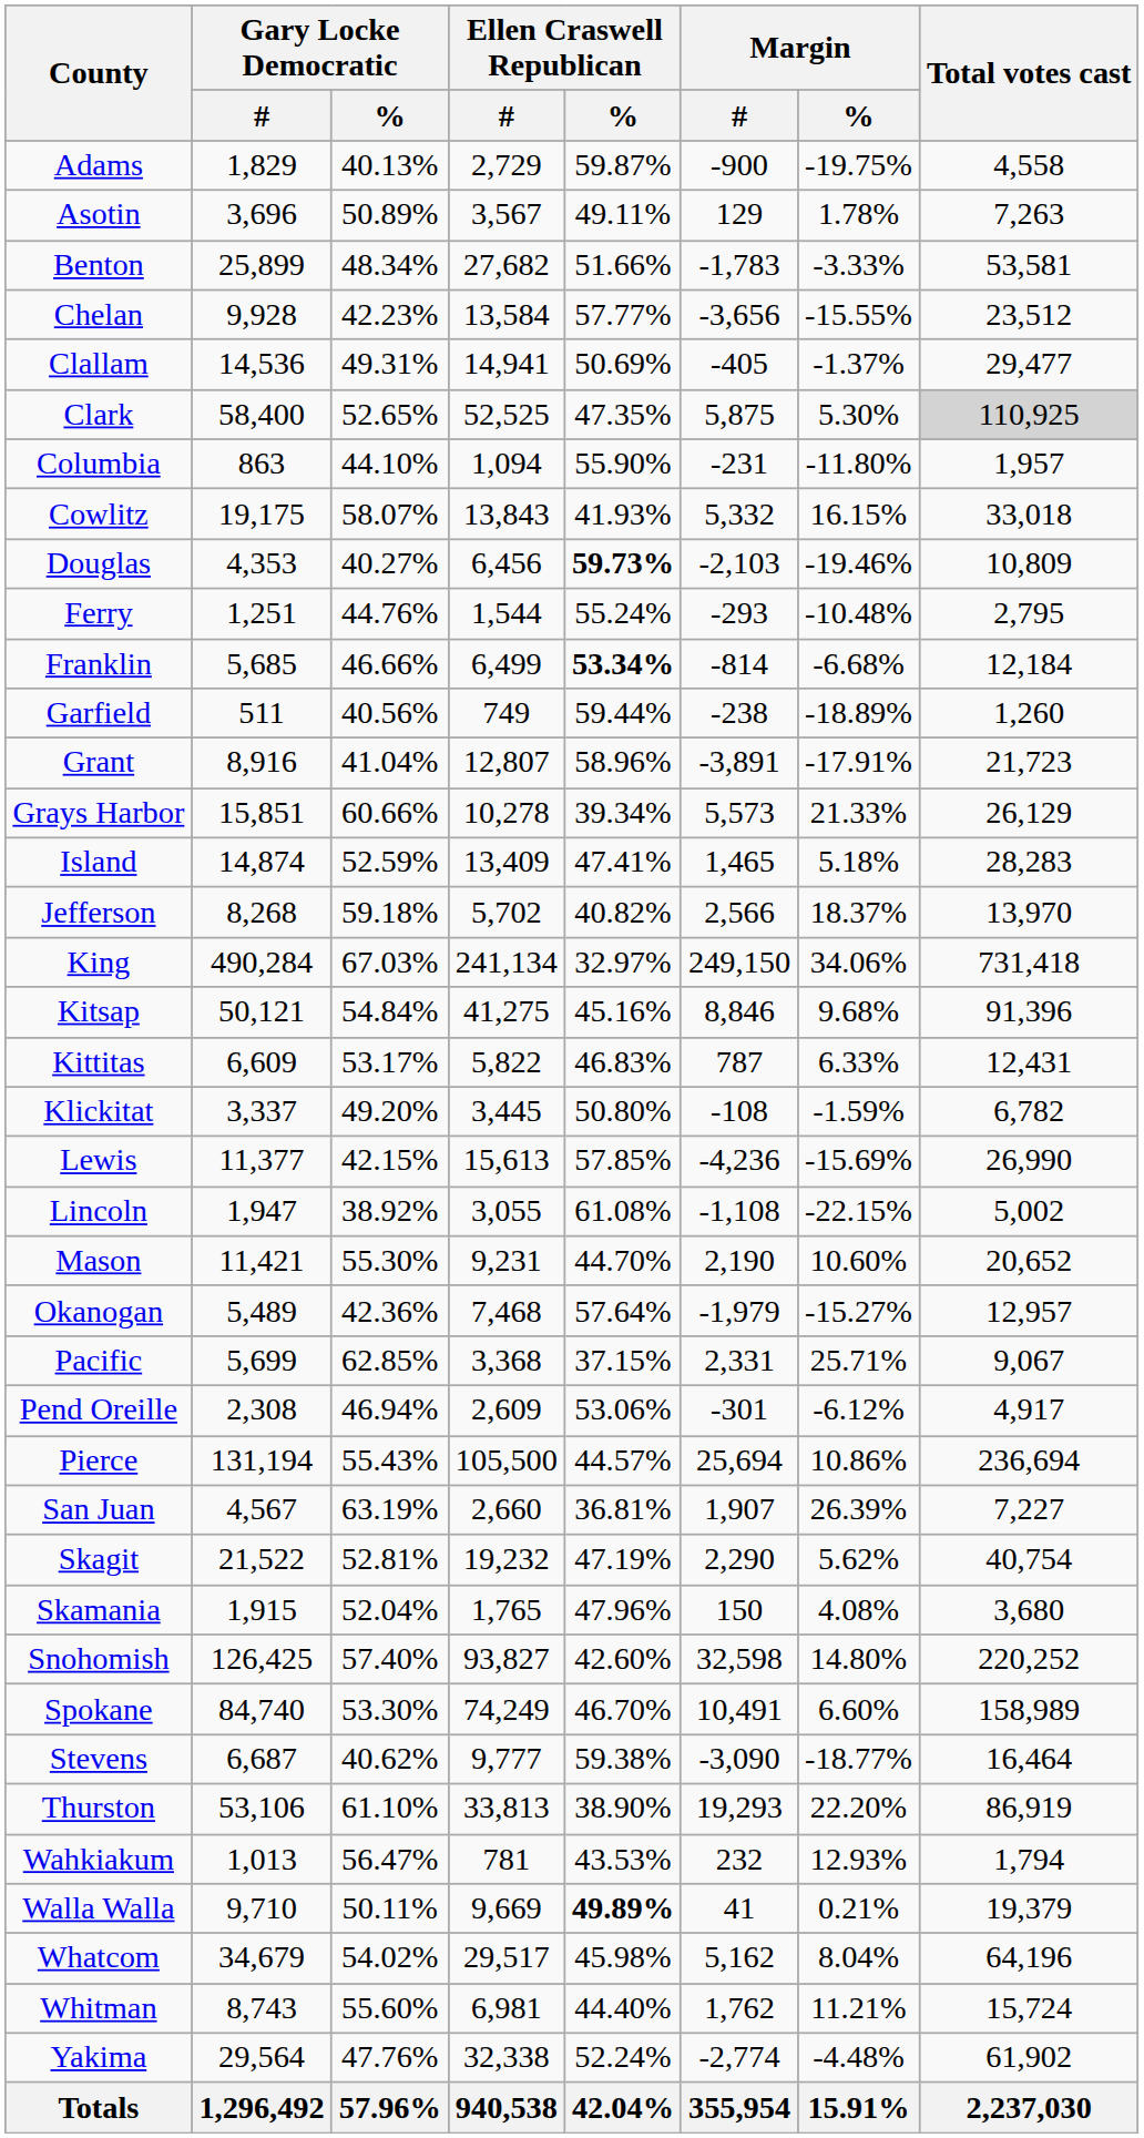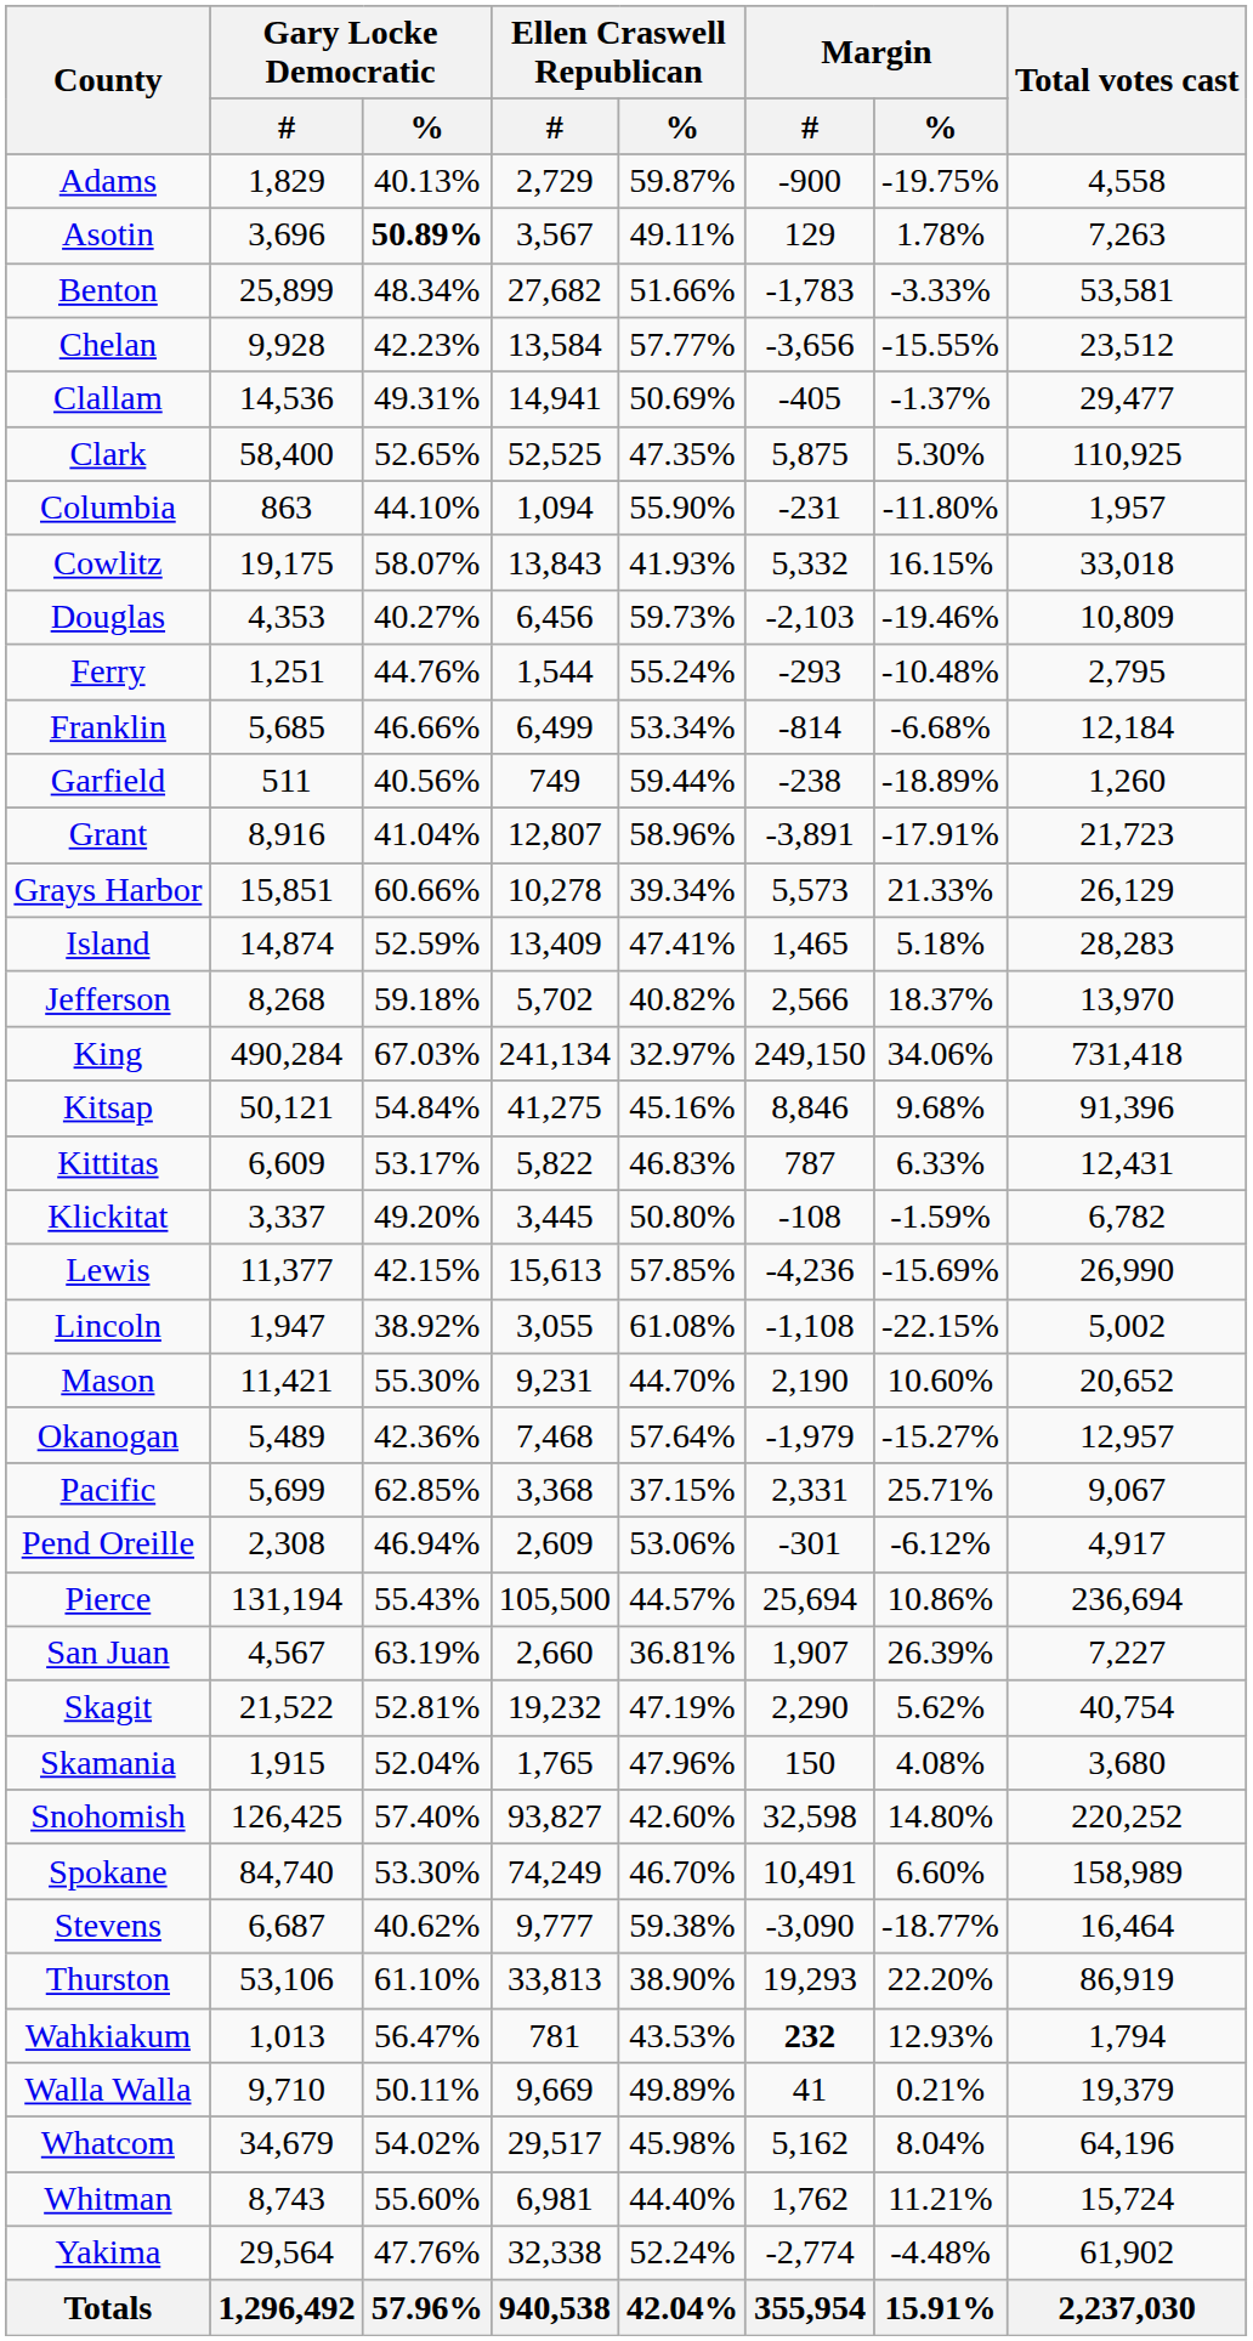 <table class="wikitable sortable">
 <tr>
 <th style="text-align:center;" rowspan="2">County</th>
 <th style="text-align:center;" colspan="2">Gary Locke<br>Democratic</th>
 <th style="text-align:center;" colspan="2">Ellen Craswell<br>Republican</th>
 <th style="text-align:center;" colspan="2">Margin</th>
 <th style="text-align:center;" rowspan="2">Total votes cast</th>
 </tr>
 <tr bgcolor="lightgrey">
 <th style="text-align:center;" data-sort-type="number">#</th>
 <th style="text-align:center;" data-sort-type="number">%</th>
 <th style="text-align:center;" data-sort-type="number">#</th>
 <th style="text-align:center;" data-sort-type="number">%</th>
 <th style="text-align:center;" data-sort-type="number">#</th>
 <th style="text-align:center;" data-sort-type="number">%</th>
 </tr>
 <tr style="text-align:center;">
 <td><a href='#'>Adams</a></td>
 <td>1,829</td>
 <td>40.13%</td>
 <td>2,729</td>
 <td>59.87%</td>
 <td>-900</td>
 <td>-19.75%</td>
 <td>4,558</td>
 </tr>
 <tr style="text-align:center;">
 <td><a href='#'>Asotin</a></td>
 <td>3,696</td>
-<td>50.89%</td>
+<td><strong>50.89%</strong></td>
 <td>3,567</td>
 <td>49.11%</td>
 <td>129</td>
 <td>1.78%</td>
 <td>7,263</td>
 </tr>
 <tr style="text-align:center;">
 <td><a href='#'>Benton</a></td>
 <td>25,899</td>
 <td>48.34%</td>
 <td>27,682</td>
 <td>51.66%</td>
 <td>-1,783</td>
 <td>-3.33%</td>
 <td>53,581</td>
 </tr>
 <tr style="text-align:center;">
 <td><a href='#'>Chelan</a></td>
 <td>9,928</td>
 <td>42.23%</td>
 <td>13,584</td>
 <td>57.77%</td>
 <td>-3,656</td>
 <td>-15.55%</td>
 <td>23,512</td>
 </tr>
 <tr style="text-align:center;">
 <td><a href='#'>Clallam</a></td>
 <td>14,536</td>
 <td>49.31%</td>
 <td>14,941</td>
 <td>50.69%</td>
 <td>-405</td>
 <td>-1.37%</td>
 <td>29,477</td>
 </tr>
 <tr style="text-align:center;">
 <td><a href='#'>Clark</a></td>
 <td>58,400</td>
 <td>52.65%</td>
 <td>52,525</td>
 <td>47.35%</td>
 <td>5,875</td>
 <td>5.30%</td>
-<td style="background: lightgrey;">110,925</td>
+<td>110,925</td>
 </tr>
 <tr style="text-align:center;">
 <td><a href='#'>Columbia</a></td>
 <td>863</td>
 <td>44.10%</td>
 <td>1,094</td>
 <td>55.90%</td>
 <td>-231</td>
 <td>-11.80%</td>
 <td>1,957</td>
 </tr>
 <tr style="text-align:center;">
 <td><a href='#'>Cowlitz</a></td>
 <td>19,175</td>
 <td>58.07%</td>
 <td>13,843</td>
 <td>41.93%</td>
 <td>5,332</td>
 <td>16.15%</td>
 <td>33,018</td>
 </tr>
 <tr style="text-align:center;">
 <td><a href='#'>Douglas</a></td>
 <td>4,353</td>
 <td>40.27%</td>
 <td>6,456</td>
-<td><strong>59.73%</strong></td>
+<td>59.73%</td>
 <td>-2,103</td>
 <td>-19.46%</td>
 <td>10,809</td>
 </tr>
 <tr style="text-align:center;">
 <td><a href='#'>Ferry</a></td>
 <td>1,251</td>
 <td>44.76%</td>
 <td>1,544</td>
 <td>55.24%</td>
 <td>-293</td>
 <td>-10.48%</td>
 <td>2,795</td>
 </tr>
 <tr style="text-align:center;">
 <td><a href='#'>Franklin</a></td>
 <td>5,685</td>
 <td>46.66%</td>
 <td>6,499</td>
-<td><strong>53.34%</strong></td>
+<td>53.34%</td>
 <td>-814</td>
 <td>-6.68%</td>
 <td>12,184</td>
 </tr>
 <tr style="text-align:center;">
 <td><a href='#'>Garfield</a></td>
 <td>511</td>
 <td>40.56%</td>
 <td>749</td>
 <td>59.44%</td>
 <td>-238</td>
 <td>-18.89%</td>
 <td>1,260</td>
 </tr>
 <tr style="text-align:center;">
 <td><a href='#'>Grant</a></td>
 <td>8,916</td>
 <td>41.04%</td>
 <td>12,807</td>
 <td>58.96%</td>
 <td>-3,891</td>
 <td>-17.91%</td>
 <td>21,723</td>
 </tr>
 <tr style="text-align:center;">
 <td><a href='#'>Grays Harbor</a></td>
 <td>15,851</td>
 <td>60.66%</td>
 <td>10,278</td>
 <td>39.34%</td>
 <td>5,573</td>
 <td>21.33%</td>
 <td>26,129</td>
 </tr>
 <tr style="text-align:center;">
 <td><a href='#'>Island</a></td>
 <td>14,874</td>
 <td>52.59%</td>
 <td>13,409</td>
 <td>47.41%</td>
 <td>1,465</td>
 <td>5.18%</td>
 <td>28,283</td>
 </tr>
 <tr style="text-align:center;">
 <td><a href='#'>Jefferson</a></td>
 <td>8,268</td>
 <td>59.18%</td>
 <td>5,702</td>
 <td>40.82%</td>
 <td>2,566</td>
 <td>18.37%</td>
 <td>13,970</td>
 </tr>
 <tr style="text-align:center;">
 <td><a href='#'>King</a></td>
 <td>490,284</td>
 <td>67.03%</td>
 <td>241,134</td>
 <td>32.97%</td>
 <td>249,150</td>
 <td>34.06%</td>
 <td>731,418</td>
 </tr>
 <tr style="text-align:center;">
 <td><a href='#'>Kitsap</a></td>
 <td>50,121</td>
 <td>54.84%</td>
 <td>41,275</td>
 <td>45.16%</td>
 <td>8,846</td>
 <td>9.68%</td>
 <td>91,396</td>
 </tr>
 <tr style="text-align:center;">
 <td><a href='#'>Kittitas</a></td>
 <td>6,609</td>
 <td>53.17%</td>
 <td>5,822</td>
 <td>46.83%</td>
 <td>787</td>
 <td>6.33%</td>
 <td>12,431</td>
 </tr>
 <tr style="text-align:center;">
 <td><a href='#'>Klickitat</a></td>
 <td>3,337</td>
 <td>49.20%</td>
 <td>3,445</td>
 <td>50.80%</td>
 <td>-108</td>
 <td>-1.59%</td>
 <td>6,782</td>
 </tr>
 <tr style="text-align:center;">
 <td><a href='#'>Lewis</a></td>
 <td>11,377</td>
 <td>42.15%</td>
 <td>15,613</td>
 <td>57.85%</td>
 <td>-4,236</td>
 <td>-15.69%</td>
 <td>26,990</td>
 </tr>
 <tr style="text-align:center;">
 <td><a href='#'>Lincoln</a></td>
 <td>1,947</td>
 <td>38.92%</td>
 <td>3,055</td>
 <td>61.08%</td>
 <td>-1,108</td>
 <td>-22.15%</td>
 <td>5,002</td>
 </tr>
 <tr style="text-align:center;">
 <td><a href='#'>Mason</a></td>
 <td>11,421</td>
 <td>55.30%</td>
 <td>9,231</td>
 <td>44.70%</td>
 <td>2,190</td>
 <td>10.60%</td>
 <td>20,652</td>
 </tr>
 <tr style="text-align:center;">
 <td><a href='#'>Okanogan</a></td>
 <td>5,489</td>
 <td>42.36%</td>
 <td>7,468</td>
 <td>57.64%</td>
 <td>-1,979</td>
 <td>-15.27%</td>
 <td>12,957</td>
 </tr>
 <tr style="text-align:center;">
 <td><a href='#'>Pacific</a></td>
 <td>5,699</td>
 <td>62.85%</td>
 <td>3,368</td>
 <td>37.15%</td>
 <td>2,331</td>
 <td>25.71%</td>
 <td>9,067</td>
 </tr>
 <tr style="text-align:center;">
 <td><a href='#'>Pend Oreille</a></td>
 <td>2,308</td>
 <td>46.94%</td>
 <td>2,609</td>
 <td>53.06%</td>
 <td>-301</td>
 <td>-6.12%</td>
 <td>4,917</td>
 </tr>
 <tr style="text-align:center;">
 <td><a href='#'>Pierce</a></td>
 <td>131,194</td>
 <td>55.43%</td>
 <td>105,500</td>
 <td>44.57%</td>
 <td>25,694</td>
 <td>10.86%</td>
 <td>236,694</td>
 </tr>
 <tr style="text-align:center;">
 <td><a href='#'>San Juan</a></td>
 <td>4,567</td>
 <td>63.19%</td>
 <td>2,660</td>
 <td>36.81%</td>
 <td>1,907</td>
 <td>26.39%</td>
 <td>7,227</td>
 </tr>
 <tr style="text-align:center;">
 <td><a href='#'>Skagit</a></td>
 <td>21,522</td>
 <td>52.81%</td>
 <td>19,232</td>
 <td>47.19%</td>
 <td>2,290</td>
 <td>5.62%</td>
 <td>40,754</td>
 </tr>
 <tr style="text-align:center;">
 <td><a href='#'>Skamania</a></td>
 <td>1,915</td>
 <td>52.04%</td>
 <td>1,765</td>
 <td>47.96%</td>
 <td>150</td>
 <td>4.08%</td>
 <td>3,680</td>
 </tr>
 <tr style="text-align:center;">
 <td><a href='#'>Snohomish</a></td>
 <td>126,425</td>
 <td>57.40%</td>
 <td>93,827</td>
 <td>42.60%</td>
 <td>32,598</td>
 <td>14.80%</td>
 <td>220,252</td>
 </tr>
 <tr style="text-align:center;">
 <td><a href='#'>Spokane</a></td>
 <td>84,740</td>
 <td>53.30%</td>
 <td>74,249</td>
 <td>46.70%</td>
 <td>10,491</td>
 <td>6.60%</td>
 <td>158,989</td>
 </tr>
 <tr style="text-align:center;">
 <td><a href='#'>Stevens</a></td>
 <td>6,687</td>
 <td>40.62%</td>
 <td>9,777</td>
 <td>59.38%</td>
 <td>-3,090</td>
 <td>-18.77%</td>
 <td>16,464</td>
 </tr>
 <tr style="text-align:center;">
 <td><a href='#'>Thurston</a></td>
 <td>53,106</td>
 <td>61.10%</td>
 <td>33,813</td>
 <td>38.90%</td>
 <td>19,293</td>
 <td>22.20%</td>
 <td>86,919</td>
 </tr>
 <tr style="text-align:center;">
 <td><a href='#'>Wahkiakum</a></td>
 <td>1,013</td>
 <td>56.47%</td>
 <td>781</td>
 <td>43.53%</td>
-<td>232</td>
+<td><strong>232</strong></td>
 <td>12.93%</td>
 <td>1,794</td>
 </tr>
 <tr style="text-align:center;">
 <td><a href='#'>Walla Walla</a></td>
 <td>9,710</td>
 <td>50.11%</td>
 <td>9,669</td>
-<td><strong>49.89%</strong></td>
+<td>49.89%</td>
 <td>41</td>
 <td>0.21%</td>
 <td>19,379</td>
 </tr>
 <tr style="text-align:center;">
 <td><a href='#'>Whatcom</a></td>
 <td>34,679</td>
 <td>54.02%</td>
 <td>29,517</td>
 <td>45.98%</td>
 <td>5,162</td>
 <td>8.04%</td>
 <td>64,196</td>
 </tr>
 <tr style="text-align:center;">
 <td><a href='#'>Whitman</a></td>
 <td>8,743</td>
 <td>55.60%</td>
 <td>6,981</td>
 <td>44.40%</td>
 <td>1,762</td>
 <td>11.21%</td>
 <td>15,724</td>
 </tr>
 <tr style="text-align:center;">
 <td><a href='#'>Yakima</a></td>
 <td>29,564</td>
 <td>47.76%</td>
 <td>32,338</td>
 <td>52.24%</td>
 <td>-2,774</td>
 <td>-4.48%</td>
 <td>61,902</td>
 </tr>
 <tr>
 <th>Totals</th>
 <th>1,296,492</th>
 <th>57.96%</th>
 <th>940,538</th>
 <th>42.04%</th>
 <th>355,954</th>
 <th>15.91%</th>
 <th>2,237,030</th>
 </tr>
 </table>
